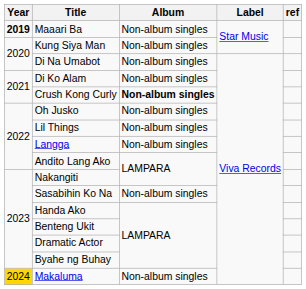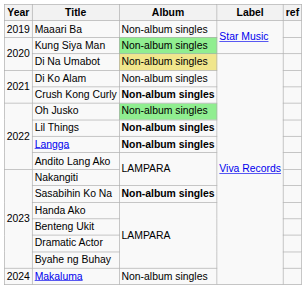 <table class="wikitable">
 <tr>
 <th>Year</th>
 <th>Title</th>
 <th>Album</th>
 <th>Label</th>
 <th>ref</th>
 </tr>
 <tr>
-<td><strong>2019</strong></td>
+<td>2019</td>
 <td>Maaari Ba</td>
 <td>Non-album singles</td>
 <td rowspan="2"><a href='#'>Star Music</a></td>
 <td></td>
 </tr>
 <tr>
 <td rowspan="2">2020</td>
 <td>Kung Siya Man</td>
-<td>Non-album singles</td>
+<td style="background: lightgreen;">Non-album singles</td>
 <td></td>
 </tr>
 <tr>
 <td>Di Na Umabot</td>
-<td>Non-album singles</td>
+<td style="background: khaki;">Non-album singles</td>
 <td rowspan="14"><a href='#'>Viva Records</a></td>
 </tr>
 <tr>
 <td rowspan="2">2021</td>
 <td>Di Ko Alam</td>
 <td>Non-album singles</td>
 <td></td>
 </tr>
 <tr>
 <td>Crush Kong Curly</td>
 <td><strong>Non-album singles</strong></td>
 <td></td>
 </tr>
 <tr>
 <td rowspan="4">2022</td>
 <td>Oh Jusko</td>
-<td>Non-album singles</td>
+<td style="background: lightgreen;">Non-album singles</td>
 <td></td>
 </tr>
 <tr>
 <td>Lil Things</td>
-<td>Non-album singles</td>
+<td><strong>Non-album singles</strong></td>
 <td></td>
 </tr>
 <tr>
 <td><a href='#'>Langga</a></td>
-<td>Non-album singles</td>
+<td><strong>Non-album singles</strong></td>
 <td></td>
 </tr>
 <tr>
 <td>Andito Lang Ako</td>
 <td rowspan="2">LAMPARA</td>
 <td></td>
 </tr>
 <tr>
 <td rowspan="6">2023</td>
 <td>Nakangiti</td>
 <td></td>
 </tr>
 <tr>
 <td>Sasabihin Ko Na</td>
-<td>Non-album singles</td>
+<td><strong>Non-album singles</strong></td>
 <td></td>
 </tr>
 <tr>
 <td>Handa Ako</td>
 <td rowspan="4">LAMPARA</td>
 <td></td>
 </tr>
 <tr>
 <td>Benteng Ukit</td>
 <td></td>
 </tr>
 <tr>
 <td>Dramatic Actor</td>
 <td></td>
 </tr>
 <tr>
 <td>Byahe ng Buhay</td>
 <td></td>
 </tr>
 <tr>
-<td style="background: gold;">2024</td>
+<td>2024</td>
 <td><a href='#'>Makaluma</a></td>
 <td>Non-album singles</td>
 <td></td>
 </tr>
 </table>
